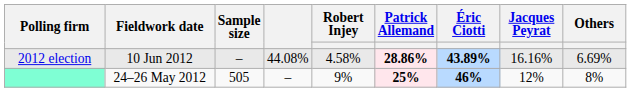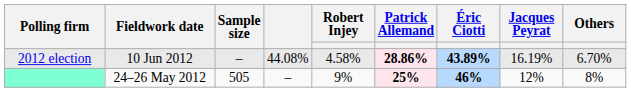 <table class="wikitable sortable" style="text-align:center;font-size:90%;line-height:14px;">
 <tr style="height:40px;">
 <th style="width:100px;" rowspan="2">Polling firm</th>
 <th style="width:110px;" rowspan="2">Fieldwork date</th>
 <th style="width:35px;" rowspan="2">Sample<br>size</th>
 <th style="width:30px;" rowspan="2"></th>
 <th class="unsortable" style="width:60px;">Robert Injey<br></th>
 <th class="unsortable" style="width:60px;"><a href='#'>Patrick Allemand</a><br></th>
 <th class="unsortable" style="width:60px;"><a href='#'>Éric Ciotti</a><br></th>
 <th class="unsortable" style="width:60px;"><a href='#'>Jacques Peyrat</a><br></th>
 <th class="unsortable" style="width:60px;">Others</th>
 </tr>
 <tr>
 <th style="background:"></th>
 <th style="background:"></th>
 <th style="background:"></th>
 <th style="background:"></th>
 <th style="background:"></th>
 </tr>
 <tr style="background:#E9E9E9;">
 <td><a href='#'>2012 election</a></td>
 <td data-sort-value="2012-06-10">10 Jun 2012</td>
 <td>–</td>
 <td>44.08%</td>
 <td>4.58%</td>
 <td style="background:#FFE6EC;"><strong>28.86%</strong></td>
 <td style="background:#B9DAFF;"><strong>43.89%</strong></td>
-<td>16.16%</td>
-<td>6.69%</td>
+<td>16.19%</td>
+<td>6.70%</td>
 </tr>
 <tr>
 <td style="background:aquamarine;"></td>
 <td data-sort-value="2012-05-26">24–26 May 2012</td>
 <td>505</td>
 <td>–</td>
 <td>9%</td>
 <td style="background:#FFE6EC;"><strong>25%</strong></td>
 <td style="background:#B9DAFF;"><strong>46%</strong></td>
 <td>12%</td>
 <td>8%</td>
 </tr>
 </table>
